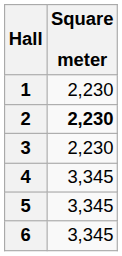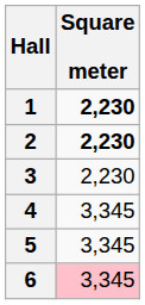 <table class="wikitable">
 <tr>
 <th>Hall</th>
 <th>Square<br><br>meter</th>
 </tr>
 <tr>
 <th>1</th>
-<td align="right">2,230</td>
+<td align="right"><strong>2,230</strong></td>
 </tr>
 <tr>
 <th>2</th>
 <td align="right"><strong>2,230</strong></td>
 </tr>
 <tr>
 <th>3</th>
 <td align="right">2,230</td>
 </tr>
 <tr>
 <th>4</th>
 <td align="right">3,345</td>
 </tr>
 <tr>
 <th>5</th>
 <td align="right">3,345</td>
 </tr>
 <tr>
 <th>6</th>
-<td align="right">3,345</td>
+<td align="right" style="background: pink;">3,345</td>
 </tr>
 </table>
